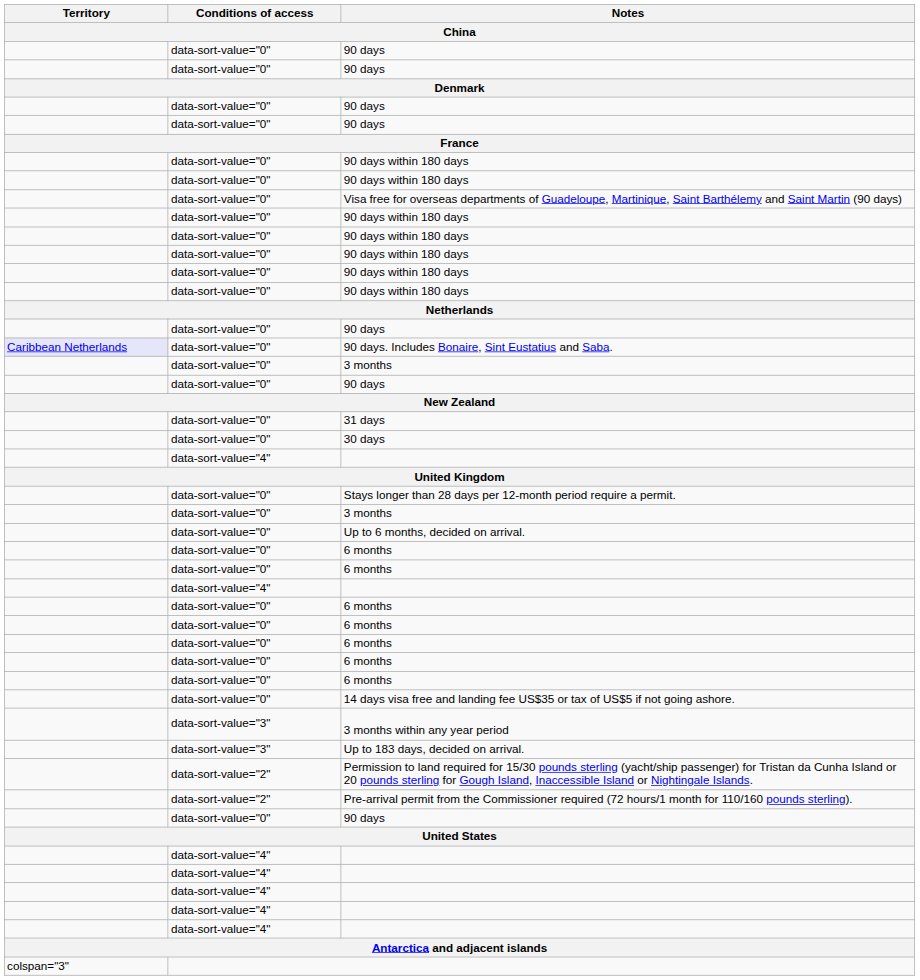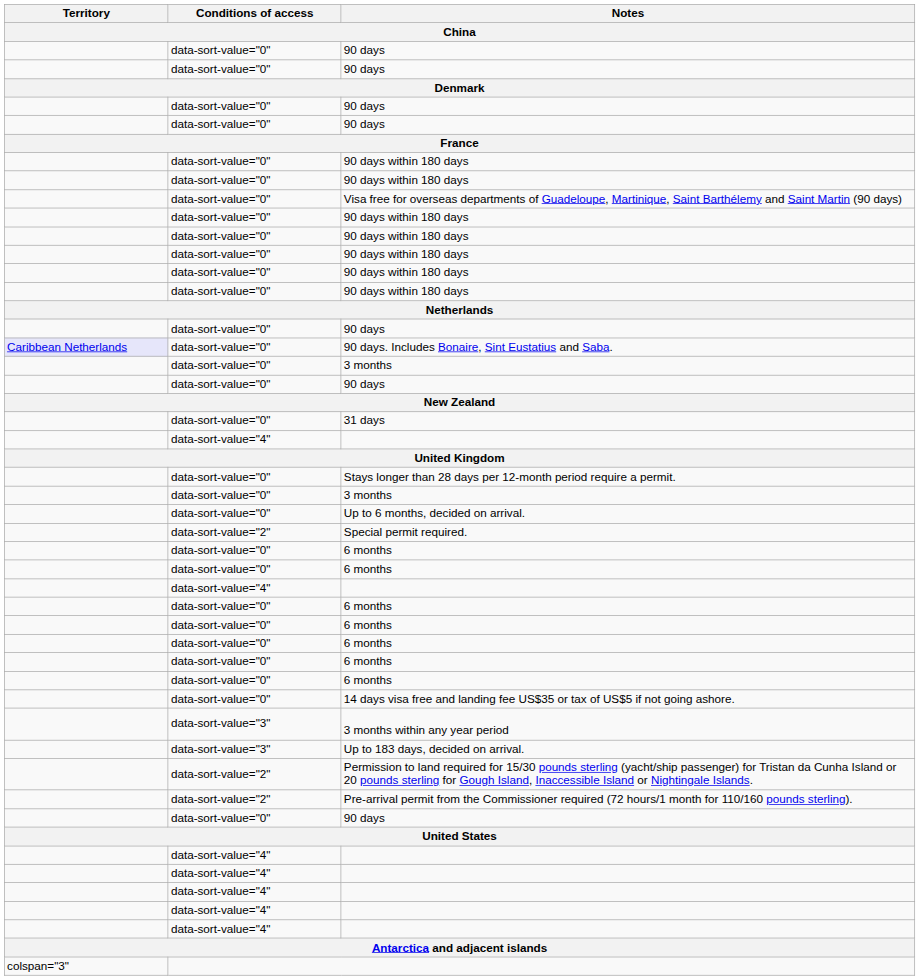 <table class="wikitable" style="text-align: left; table-layout: fixed;">
 <tr>
 <th style="width:18%;">Territory</th>
 <th style="width:19%;">Conditions of access</th>
 <th>Notes</th>
 </tr>
 <tr>
 <th colspan="3">China</th>
 </tr>
 <tr>
 <td></td>
 <td>data-sort-value="0" </td>
 <td>90 days</td>
 </tr>
 <tr>
 <td></td>
 <td>data-sort-value="0" </td>
 <td>90 days</td>
 </tr>
 <tr>
 <th colspan="3">Denmark</th>
 </tr>
 <tr>
 <td></td>
 <td>data-sort-value="0" </td>
 <td>90 days</td>
 </tr>
 <tr>
 <td></td>
 <td>data-sort-value="0" </td>
 <td>90 days</td>
 </tr>
 <tr>
 <th colspan="3">France</th>
 </tr>
 <tr>
 <td></td>
 <td>data-sort-value="0" </td>
 <td>90 days within 180 days</td>
 </tr>
 <tr>
 <td></td>
 <td>data-sort-value="0" </td>
 <td>90 days within 180 days</td>
 </tr>
 <tr>
 <td></td>
 <td>data-sort-value="0" </td>
 <td>Visa free for overseas departments of <a href='#'>Guadeloupe</a>, <a href='#'>Martinique</a>, <a href='#'>Saint Barthélemy</a> and <a href='#'>Saint Martin</a> (90 days)</td>
 </tr>
 <tr>
 <td></td>
 <td>data-sort-value="0" </td>
 <td>90 days within 180 days</td>
 </tr>
 <tr>
 <td></td>
 <td>data-sort-value="0" </td>
 <td>90 days within 180 days</td>
 </tr>
 <tr>
 <td></td>
 <td>data-sort-value="0" </td>
 <td>90 days within 180 days</td>
 </tr>
 <tr>
 <td></td>
 <td>data-sort-value="0" </td>
 <td>90 days within 180 days</td>
 </tr>
 <tr>
 <td></td>
 <td>data-sort-value="0" </td>
 <td>90 days within 180 days</td>
 </tr>
 <tr>
 <th colspan="3">Netherlands</th>
 </tr>
 <tr>
 <td></td>
 <td>data-sort-value="0" </td>
 <td>90 days</td>
 </tr>
 <tr>
 <td style="background: lavender;"> <a href='#'>Caribbean Netherlands</a></td>
 <td>data-sort-value="0" </td>
 <td>90 days. Includes <a href='#'>Bonaire</a>, <a href='#'>Sint Eustatius</a> and <a href='#'>Saba</a>.</td>
 </tr>
 <tr>
 <td></td>
 <td>data-sort-value="0" </td>
 <td>3 months</td>
 </tr>
 <tr>
 <td></td>
 <td>data-sort-value="0" </td>
 <td>90 days</td>
 </tr>
 <tr>
 <th colspan="3">New Zealand</th>
 </tr>
 <tr>
 <td></td>
 <td>data-sort-value="0" </td>
 <td>31 days</td>
 </tr>
 <tr>
 <td></td>
-<td>data-sort-value="0" </td>
-<td>30 days</td>
-</tr>
-<tr>
-<td></td>
 <td>data-sort-value="4" </td>
 <td></td>
 </tr>
 <tr>
 <th colspan="3">United Kingdom</th>
 </tr>
 <tr>
 <td></td>
 <td>data-sort-value="0" </td>
 <td>Stays longer than 28 days per 12-month period require a permit.</td>
 </tr>
 <tr>
 <td></td>
 <td>data-sort-value="0" </td>
 <td>3 months</td>
 </tr>
 <tr>
 <td></td>
 <td>data-sort-value="0" </td>
 <td>Up to 6 months, decided on arrival.</td>
+</tr>
+<tr>
+<td></td>
+<td>data-sort-value="2" </td>
+<td>Special permit required.</td>
 </tr>
 <tr>
 <td></td>
 <td>data-sort-value="0" </td>
 <td>6 months</td>
 </tr>
 <tr>
 <td></td>
 <td>data-sort-value="0" </td>
 <td>6 months</td>
 </tr>
 <tr>
 <td></td>
 <td>data-sort-value="4" </td>
 <td></td>
 </tr>
 <tr>
 <td></td>
 <td>data-sort-value="0" </td>
 <td>6 months</td>
 </tr>
 <tr>
 <td></td>
 <td>data-sort-value="0" </td>
 <td>6 months</td>
 </tr>
 <tr>
 <td></td>
 <td>data-sort-value="0" </td>
 <td>6 months</td>
 </tr>
 <tr>
 <td></td>
 <td>data-sort-value="0" </td>
 <td>6 months</td>
 </tr>
 <tr>
 <td></td>
 <td>data-sort-value="0" </td>
 <td>6 months</td>
 </tr>
 <tr>
 <td></td>
 <td>data-sort-value="0" </td>
 <td>14 days visa free and landing fee US$35 or tax of US$5 if not going ashore.</td>
 </tr>
 <tr>
 <td></td>
 <td>data-sort-value="3" </td>
 <td><br>3 months within any year period</td>
 </tr>
 <tr>
 <td></td>
 <td>data-sort-value="3" </td>
 <td>Up to 183 days, decided on arrival.</td>
 </tr>
 <tr>
 <td></td>
 <td>data-sort-value="2" </td>
 <td>Permission to land required for 15/30 <a href='#'>pounds sterling</a> (yacht/ship passenger) for Tristan da Cunha Island or 20 <a href='#'>pounds sterling</a> for <a href='#'>Gough Island</a>, <a href='#'>Inaccessible Island</a> or <a href='#'>Nightingale Islands</a>.</td>
 </tr>
 <tr>
 <td></td>
 <td>data-sort-value="2" </td>
 <td>Pre-arrival permit from the Commissioner required (72 hours/1 month for 110/160 <a href='#'>pounds sterling</a>).</td>
 </tr>
 <tr>
 <td></td>
 <td>data-sort-value="0" </td>
 <td>90 days</td>
 </tr>
 <tr>
 <th colspan="3">United States</th>
 </tr>
 <tr>
 <td></td>
 <td>data-sort-value="4" </td>
 <td></td>
 </tr>
 <tr>
 <td></td>
 <td>data-sort-value="4" </td>
 <td></td>
 </tr>
 <tr>
 <td></td>
 <td>data-sort-value="4" </td>
 <td></td>
 </tr>
 <tr>
 <td></td>
 <td>data-sort-value="4" </td>
 <td></td>
 </tr>
 <tr>
 <td></td>
 <td>data-sort-value="4" </td>
 <td></td>
 </tr>
 <tr>
 <th colspan="3"><a href='#'>Antarctica</a> and adjacent islands</th>
 </tr>
 <tr>
 <td>colspan="3" </td>
 </tr>
 </table>
